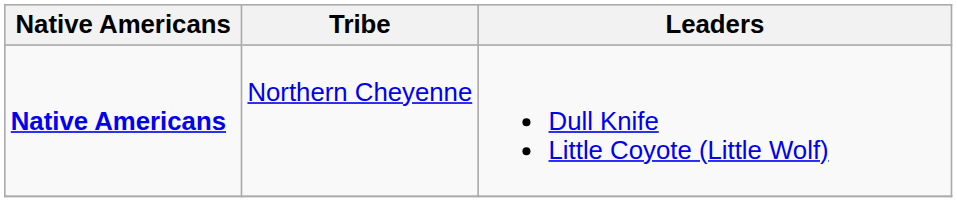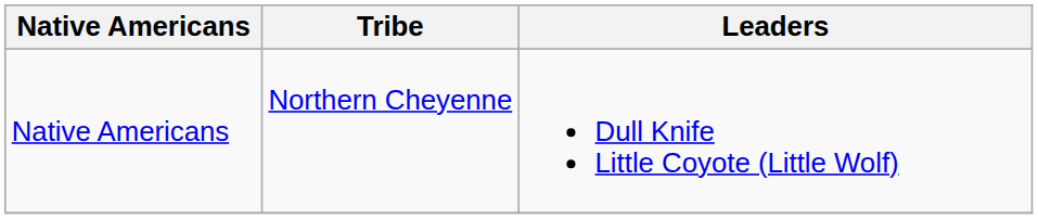 <table class="wikitable">
 <tr>
 <th width=25%>Native Americans</th>
 <th width=25%>Tribe</th>
 <th>Leaders</th>
 </tr>
 <tr>
-<td rowspan=1><strong><br><a href='#'>Native Americans</a><br>    </strong></td>
+<td rowspan=1><br><a href='#'>Native Americans</a><br>    </td>
 <td><a href='#'>Northern Cheyenne</a><br><br>  </td>
 <td><br><ul><li><a href='#'>Dull Knife</a></li><li><a href='#'>Little Coyote (Little Wolf)</a></li></ul></td>
 </tr>
 <tr>
 </tr>
 </table>
